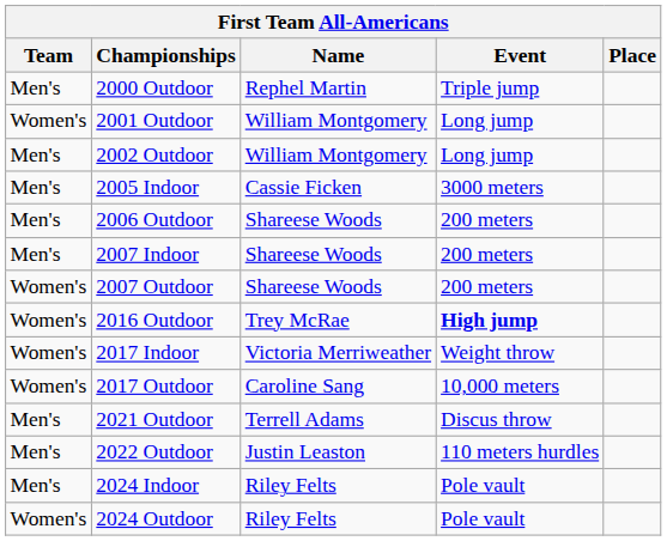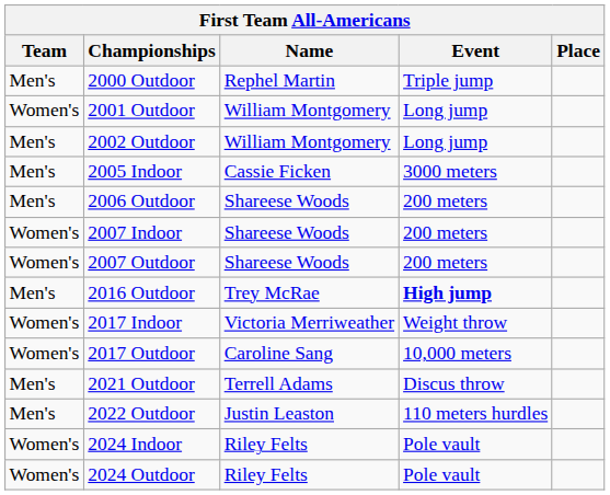 <table class="wikitable sortable">
 <tr>
 <th colspan="5">First Team <a href='#'>All-Americans</a></th>
 </tr>
 <tr>
 <th scope="col">Team</th>
 <th scope="col">Championships</th>
 <th scope="col">Name</th>
 <th scope="col">Event</th>
 <th scope="col">Place</th>
 </tr>
 <tr>
 <td>Men's</td>
 <td><a href='#'>2000 Outdoor</a></td>
 <td><a href='#'>Rephel Martin</a></td>
 <td><a href='#'>Triple jump</a></td>
 <td></td>
 </tr>
 <tr>
 <td>Women's</td>
 <td><a href='#'>2001 Outdoor</a></td>
 <td><a href='#'>William Montgomery</a></td>
 <td><a href='#'>Long jump</a></td>
 <td></td>
 </tr>
 <tr>
 <td>Men's</td>
 <td><a href='#'>2002 Outdoor</a></td>
 <td><a href='#'>William Montgomery</a></td>
 <td><a href='#'>Long jump</a></td>
 <td></td>
 </tr>
 <tr>
 <td>Men's</td>
 <td><a href='#'>2005 Indoor</a></td>
 <td><a href='#'>Cassie Ficken</a></td>
 <td><a href='#'>3000 meters</a></td>
 <td></td>
 </tr>
 <tr>
 <td>Men's</td>
 <td><a href='#'>2006 Outdoor</a></td>
 <td><a href='#'>Shareese Woods</a></td>
 <td><a href='#'>200 meters</a></td>
 <td></td>
 </tr>
 <tr>
-<td>Men's</td>
+<td>Women's</td>
 <td><a href='#'>2007 Indoor</a></td>
 <td><a href='#'>Shareese Woods</a></td>
 <td><a href='#'>200 meters</a></td>
 <td></td>
 </tr>
 <tr>
 <td>Women's</td>
 <td><a href='#'>2007 Outdoor</a></td>
 <td><a href='#'>Shareese Woods</a></td>
 <td><a href='#'>200 meters</a></td>
 <td></td>
 </tr>
 <tr>
-<td>Women's</td>
+<td>Men's</td>
 <td><a href='#'>2016 Outdoor</a></td>
 <td><a href='#'>Trey McRae</a></td>
 <td><strong><a href='#'>High jump</a></strong></td>
 <td></td>
 </tr>
 <tr>
 <td>Women's</td>
 <td><a href='#'>2017 Indoor</a></td>
 <td><a href='#'>Victoria Merriweather</a></td>
 <td><a href='#'>Weight throw</a></td>
 <td></td>
 </tr>
 <tr>
 <td>Women's</td>
 <td><a href='#'>2017 Outdoor</a></td>
 <td><a href='#'>Caroline Sang</a></td>
 <td><a href='#'>10,000 meters</a></td>
 <td></td>
 </tr>
 <tr>
 <td>Men's</td>
 <td><a href='#'>2021 Outdoor</a></td>
 <td><a href='#'>Terrell Adams</a></td>
 <td><a href='#'>Discus throw</a></td>
 <td></td>
 </tr>
 <tr>
 <td>Men's</td>
 <td><a href='#'>2022 Outdoor</a></td>
 <td><a href='#'>Justin Leaston</a></td>
 <td><a href='#'>110 meters hurdles</a></td>
 <td></td>
 </tr>
 <tr>
-<td>Men's</td>
+<td>Women's</td>
 <td><a href='#'>2024 Indoor</a></td>
 <td><a href='#'>Riley Felts</a></td>
 <td><a href='#'>Pole vault</a></td>
 <td></td>
 </tr>
 <tr>
 <td>Women's</td>
 <td><a href='#'>2024 Outdoor</a></td>
 <td><a href='#'>Riley Felts</a></td>
 <td><a href='#'>Pole vault</a></td>
 <td></td>
 </tr>
 </table>
